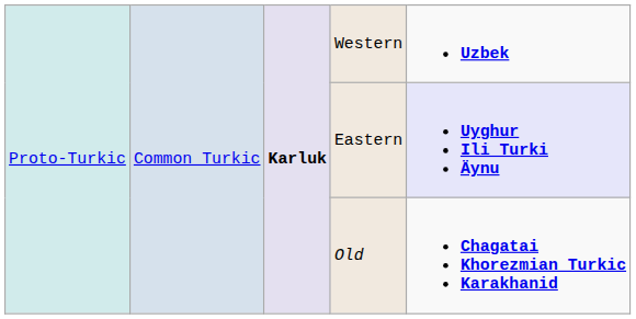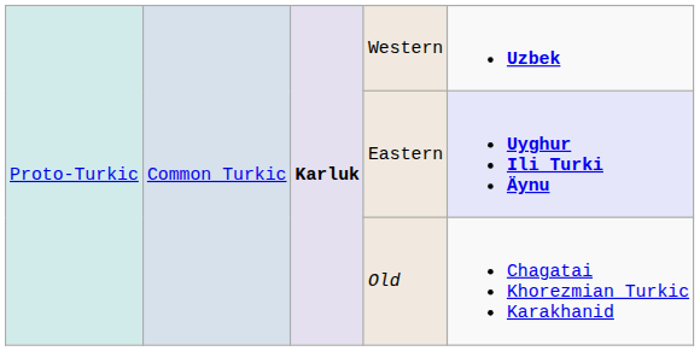 <table class="wikitable">
 <tr>
 <td rowspan="3" bgcolor="#d1ebeb"><a href='#'>Proto-Turkic</a></td>
 <td rowspan="3" bgcolor="#d6e1ec"><a href='#'>Common Turkic</a></td>
 <td rowspan="3" bgcolor="#e4e0f0"><strong>Karluk</strong></td>
 <td colspan="1" bgcolor="#f1e9df">Western</td>
 <td><br><ul><li><strong><a href='#'>Uzbek</a></strong></li></ul></td>
 </tr>
 <tr>
 <td rowspan="1" bgcolor="#f1e9df">Eastern</td>
 <td style="background: lavender;"><br><ul><li><strong><a href='#'>Uyghur</a></strong></li><li><strong><a href='#'>Ili Turki</a></strong></li><li><strong><a href='#'>Äynu</a></strong></li></ul></td>
 </tr>
 <tr>
 <td rowspan="1" bgcolor="#f1e9df"><em>Old</em></td>
-<td><strong><br><ul><li><a href='#'>Chagatai</a> </li><li><a href='#'>Khorezmian Turkic</a> </li><li><a href='#'>Karakhanid</a> </li></ul></strong></td>
+<td><br><ul><li><a href='#'>Chagatai</a> </li><li><a href='#'>Khorezmian Turkic</a> </li><li><a href='#'>Karakhanid</a> </li></ul></td>
 </tr>
 </table>
